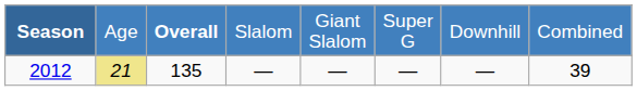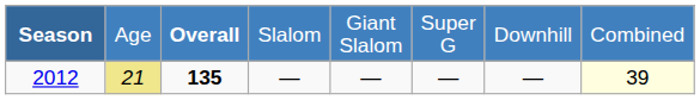 <table class="wikitable" style="font-size:95%; text-align:center; border:grey solid 1px; border-collapse:collapse;" width="40%">
 <tr style="background-color:#369; color:white;">
 <td rowspan="2" colspan="1" width="10%"><strong>Season</strong></td>
 </tr>
 <tr style="background-color:#4180be; color:white;">
 <td width="5%">Age</td>
 <td width="5%"><strong>Overall</strong></td>
 <td width="5%">Slalom</td>
 <td width="5%">Giant<br>Slalom</td>
 <td width="5%">Super G</td>
 <td width="5%">Downhill</td>
 <td width="5%">Combined</td>
 </tr>
 <tr style="background-color:#8CB2D8; color:white;">
 </tr>
 <tr>
 <td><a href='#'>2012</a></td>
 <td style="background: khaki;"><em>21</em></td>
-<td>135</td>
+<td><strong>135</strong></td>
 <td>—</td>
 <td>—</td>
 <td>—</td>
 <td>—</td>
-<td>39</td>
+<td style="background: lightyellow;">39</td>
 </tr>
 </table>
